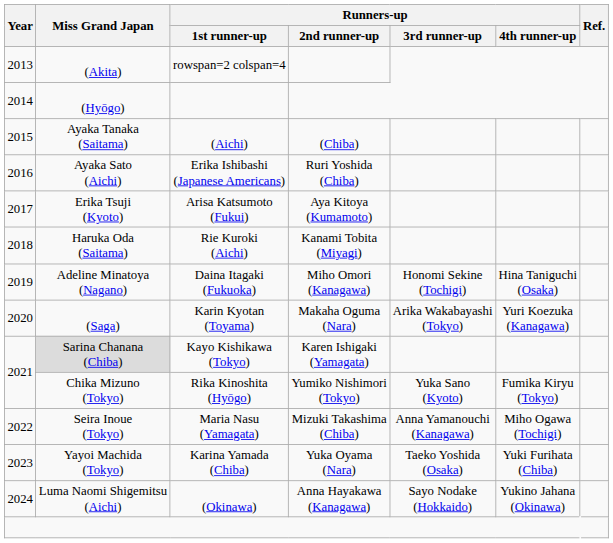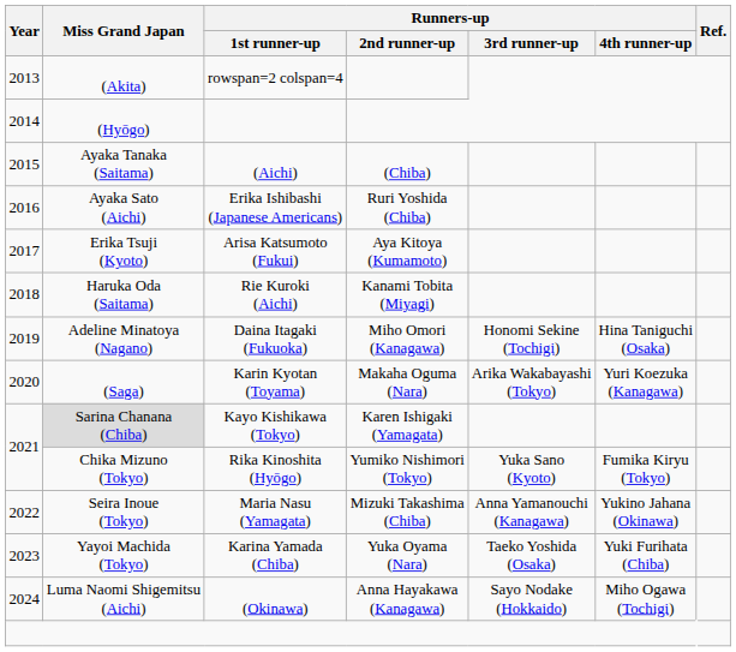 <table class="wikitable" style="font-size:95%; text-align:center">
 <tr>
 <th rowspan=2>Year</th>
 <th rowspan=2>Miss Grand Japan</th>
 <th colspan=4>Runners-up</th>
 <th rowspan=2>Ref.</th>
 </tr>
 <tr>
 <th>1st runner-up</th>
 <th>2nd runner-up</th>
 <th>3rd runner-up</th>
 <th>4th runner-up</th>
 </tr>
 <tr>
 <td>2013</td>
 <td><br>(<a href='#'>Akita</a>)</td>
 <td>rowspan=2 colspan=4 </td>
 <td align=center></td>
 </tr>
 <tr>
 <td>2014</td>
 <td><br>(<a href='#'>Hyōgo</a>)</td>
 <td align=center></td>
 </tr>
 <tr>
 <td>2015</td>
 <td>Ayaka Tanaka<br>(<a href='#'>Saitama</a>)</td>
 <td><br>(<a href='#'>Aichi</a>)</td>
 <td><br>(<a href='#'>Chiba</a>)</td>
 <td></td>
 <td></td>
 <td align=center></td>
 </tr>
 <tr>
 <td>2016</td>
 <td>Ayaka Sato<br>(<a href='#'>Aichi</a>)</td>
 <td>Erika Ishibashi<br>(<a href='#'>Japanese Americans</a>)</td>
 <td>Ruri Yoshida<br>(<a href='#'>Chiba</a>)</td>
 <td></td>
 <td></td>
 <td></td>
 </tr>
 <tr>
 <td>2017</td>
 <td>Erika Tsuji<br>(<a href='#'>Kyoto</a>)</td>
 <td>Arisa Katsumoto<br>(<a href='#'>Fukui</a>)</td>
 <td>Aya Kitoya<br>(<a href='#'>Kumamoto</a>)</td>
 <td></td>
 <td></td>
 <td></td>
 </tr>
 <tr>
 <td>2018</td>
 <td>Haruka Oda<br>(<a href='#'>Saitama</a>)</td>
 <td>Rie Kuroki<br>(<a href='#'>Aichi</a>)</td>
 <td>Kanami Tobita<br>(<a href='#'>Miyagi</a>)</td>
 <td></td>
 <td></td>
 <td></td>
 </tr>
 <tr>
 <td>2019</td>
 <td>Adeline Minatoya<br>(<a href='#'>Nagano</a>)</td>
 <td>Daina Itagaki<br>(<a href='#'>Fukuoka</a>)</td>
 <td>Miho Omori<br>(<a href='#'>Kanagawa</a>)</td>
 <td>Honomi Sekine<br>(<a href='#'>Tochigi</a>)</td>
 <td>Hina Taniguchi<br>(<a href='#'>Osaka</a>)</td>
 <td></td>
 </tr>
 <tr>
 <td>2020</td>
 <td><br>(<a href='#'>Saga</a>)</td>
 <td>Karin Kyotan<br>(<a href='#'>Toyama</a>)</td>
 <td>Makaha Oguma<br>(<a href='#'>Nara</a>)</td>
 <td>Arika Wakabayashi<br>(<a href='#'>Tokyo</a>)</td>
 <td>Yuri Koezuka<br>(<a href='#'>Kanagawa</a>)</td>
 <td></td>
 </tr>
 <tr>
 <td rowspan=2>2021</td>
 <td bgcolor=#DCDCDC>Sarina Chanana<br>(<a href='#'>Chiba</a>)</td>
 <td>Kayo Kishikawa<br>(<a href='#'>Tokyo</a>)</td>
 <td>Karen Ishigaki<br>(<a href='#'>Yamagata</a>)</td>
 <td></td>
 <td></td>
 <td></td>
 </tr>
 <tr>
 <td>Chika Mizuno<br>(<a href='#'>Tokyo</a>)</td>
 <td>Rika Kinoshita<br>(<a href='#'>Hyōgo</a>)</td>
 <td>Yumiko Nishimori<br>(<a href='#'>Tokyo</a>)</td>
 <td>Yuka Sano<br>(<a href='#'>Kyoto</a>)</td>
 <td>Fumika Kiryu<br>(<a href='#'>Tokyo</a>)</td>
 <td></td>
 </tr>
 <tr>
 <td>2022</td>
 <td>Seira Inoue<br>(<a href='#'>Tokyo</a>)</td>
 <td>Maria Nasu<br>(<a href='#'>Yamagata</a>)</td>
 <td>Mizuki Takashima<br>(<a href='#'>Chiba</a>)</td>
 <td>Anna Yamanouchi<br>(<a href='#'>Kanagawa</a>)</td>
-<td>Miho Ogawa<br>(<a href='#'>Tochigi</a>)</td>
+<td>Yukino Jahana<br>(<a href='#'>Okinawa</a>)</td>
 <td></td>
 </tr>
 <tr>
 <td>2023</td>
 <td>Yayoi Machida<br>(<a href='#'>Tokyo</a>)</td>
 <td>Karina Yamada<br>(<a href='#'>Chiba</a>)</td>
 <td>Yuka Oyama<br>(<a href='#'>Nara</a>)</td>
 <td>Taeko Yoshida<br>(<a href='#'>Osaka</a>)</td>
 <td>Yuki Furihata<br>(<a href='#'>Chiba</a>)</td>
 <td></td>
 </tr>
 <tr>
 <td>2024</td>
 <td>Luma Naomi Shigemitsu<br>(<a href='#'>Aichi</a>)</td>
 <td><br>(<a href='#'>Okinawa</a>)</td>
 <td>Anna Hayakawa<br>(<a href='#'>Kanagawa</a>)</td>
 <td>Sayo Nodake<br>(<a href='#'>Hokkaido</a>)</td>
-<td>Yukino Jahana<br>(<a href='#'>Okinawa</a>)</td>
+<td>Miho Ogawa<br>(<a href='#'>Tochigi</a>)</td>
 <td></td>
 </tr>
 <tr>
 <td colspan="6" style="border-right:2px solid #F9F9F9"><br></td>
 </tr>
 </table>
